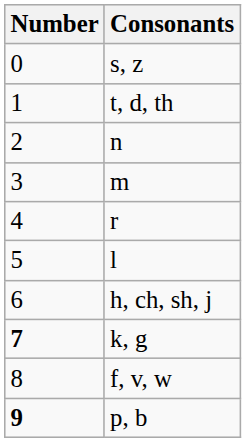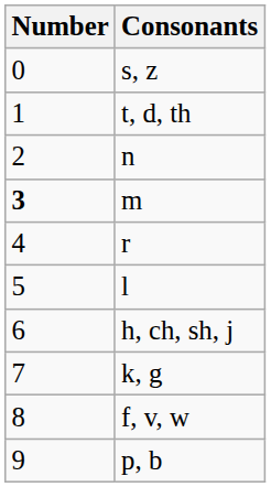 <table class="wikitable">
 <tr>
 <th>Number</th>
 <th>Consonants</th>
 </tr>
 <tr>
 <td>0</td>
 <td>s, z</td>
 </tr>
 <tr>
 <td>1</td>
 <td>t, d, th</td>
 </tr>
 <tr>
 <td>2</td>
 <td>n</td>
 </tr>
 <tr>
-<td>3</td>
+<td><strong>3</strong></td>
 <td>m</td>
 </tr>
 <tr>
 <td>4</td>
 <td>r</td>
 </tr>
 <tr>
 <td>5</td>
 <td>l</td>
 </tr>
 <tr>
 <td>6</td>
 <td>h, ch, sh, j</td>
 </tr>
 <tr>
-<td><strong>7</strong></td>
+<td>7</td>
 <td>k, g</td>
 </tr>
 <tr>
 <td>8</td>
 <td>f, v, w</td>
 </tr>
 <tr>
-<td><strong>9</strong></td>
+<td>9</td>
 <td>p, b</td>
 </tr>
 </table>
